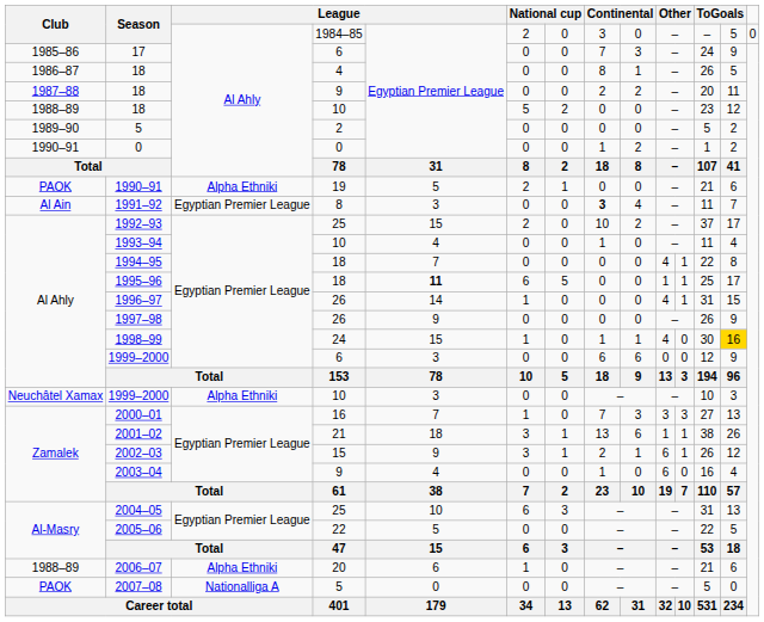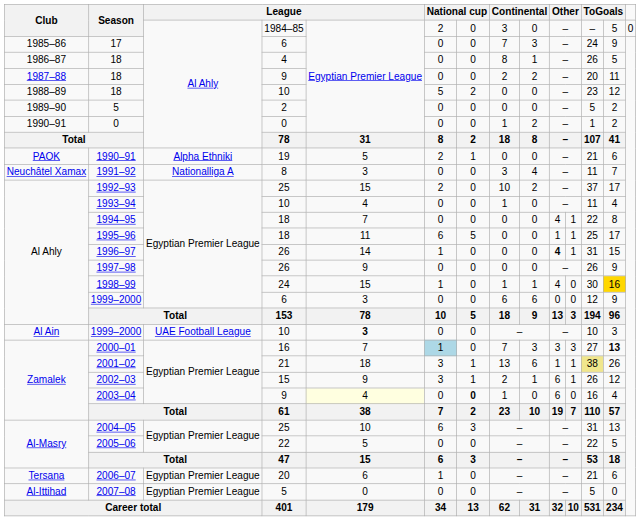 <table class="wikitable" style="text-align: center;">
 <tr>
 <th rowspan="2">Club</th>
 <th rowspan="2">Season</th>
 <th colspan="3">League</th>
 <th colspan="2">National cup</th>
 <th colspan="2">Continental</th>
 <th colspan="2">Other</th>
 <th colspan="2">ToGoals</th>
 </tr>
 <tr>
 <td rowspan="8"><a href='#'>Al Ahly</a></td>
 <td>1984–85</td>
 <td rowspan="7"><a href='#'>Egyptian Premier League</a></td>
 <td>2</td>
 <td>0</td>
 <td>3</td>
 <td>0</td>
 <td colspan="2">–</td>
 <td coan="2">–</td>
 <td>5</td>
 <td>0</td>
 </tr>
 <tr>
 <td>1985–86</td>
 <td>17</td>
 <td>6</td>
 <td>0</td>
 <td>0</td>
 <td>7</td>
 <td>3</td>
 <td colspan="2">–</td>
 <td>24</td>
 <td>9</td>
 </tr>
 <tr>
 <td>1986–87</td>
 <td>18</td>
 <td>4</td>
 <td>0</td>
 <td>0</td>
 <td>8</td>
 <td>1</td>
 <td colspan="2">–</td>
 <td>26</td>
 <td>5</td>
 </tr>
 <tr>
 <td><a href='#'>1987–88</a></td>
 <td>18</td>
 <td>9</td>
 <td>0</td>
 <td>0</td>
 <td>2</td>
 <td>2</td>
 <td colspan="2">–</td>
 <td>20</td>
 <td>11</td>
 </tr>
 <tr>
 <td>1988–89</td>
 <td>18</td>
 <td>10</td>
 <td>5</td>
 <td>2</td>
 <td>0</td>
 <td>0</td>
 <td colspan="2">–</td>
 <td>23</td>
 <td>12</td>
 </tr>
 <tr>
 <td>1989–90</td>
 <td>5</td>
 <td>2</td>
 <td>0</td>
 <td>0</td>
 <td>0</td>
 <td>0</td>
 <td colspan="2">–</td>
 <td>5</td>
 <td>2</td>
 </tr>
 <tr>
 <td>1990–91</td>
 <td>0</td>
 <td>0</td>
 <td>0</td>
 <td>0</td>
 <td>1</td>
 <td>2</td>
 <td colspan="2">–</td>
 <td>1</td>
 <td>2</td>
 </tr>
 <tr>
 <th colspan="2">Total</th>
 <th>78</th>
 <th>31</th>
 <th>8</th>
 <th>2</th>
 <th>18</th>
 <th>8</th>
 <th colspan="2">–</th>
 <th>107</th>
 <th>41</th>
 </tr>
 <tr>
 <td><a href='#'>PAOK</a></td>
 <td><a href='#'>1990–91</a></td>
 <td><a href='#'>Alpha Ethniki</a></td>
 <td>19</td>
 <td>5</td>
 <td>2</td>
 <td>1</td>
 <td>0</td>
 <td>0</td>
 <td colspan="2">–</td>
 <td>21</td>
 <td>6</td>
 </tr>
 <tr>
-<td><a href='#'>Al Ain</a></td>
+<td><a href='#'>Neuchâtel Xamax</a></td>
 <td><a href='#'>1991–92</a></td>
-<td>Egyptian Premier League</td>
+<td><a href='#'>Nationalliga A</a></td>
 <td>8</td>
 <td>3</td>
 <td>0</td>
 <td>0</td>
-<td><strong>3</strong></td>
+<td>3</td>
 <td>4</td>
 <td colspan="2">–</td>
 <td>11</td>
 <td>7</td>
 </tr>
 <tr>
 <td rowspan="9">Al Ahly</td>
 <td><a href='#'>1992–93</a></td>
 <td rowspan="8">Egyptian Premier League</td>
 <td>25</td>
 <td>15</td>
 <td>2</td>
 <td>0</td>
 <td>10</td>
 <td>2</td>
 <td colspan="2">–</td>
 <td>37</td>
 <td>17</td>
 </tr>
 <tr>
 <td><a href='#'>1993–94</a></td>
 <td>10</td>
 <td>4</td>
 <td>0</td>
 <td>0</td>
 <td>1</td>
 <td>0</td>
 <td colspan="2">–</td>
 <td>11</td>
 <td>4</td>
 </tr>
 <tr>
 <td><a href='#'>1994–95</a></td>
 <td>18</td>
 <td>7</td>
 <td>0</td>
 <td>0</td>
 <td>0</td>
 <td>0</td>
 <td>4</td>
 <td>1</td>
 <td>22</td>
 <td>8</td>
 </tr>
 <tr>
 <td><a href='#'>1995–96</a></td>
 <td>18</td>
-<td><strong>11</strong></td>
+<td>11</td>
 <td>6</td>
 <td>5</td>
 <td>0</td>
 <td>0</td>
 <td>1</td>
 <td>1</td>
 <td>25</td>
 <td>17</td>
 </tr>
 <tr>
 <td><a href='#'>1996–97</a></td>
 <td>26</td>
 <td>14</td>
 <td>1</td>
 <td>0</td>
 <td>0</td>
 <td>0</td>
-<td>4</td>
+<td><strong>4</strong></td>
 <td>1</td>
 <td>31</td>
 <td>15</td>
 </tr>
 <tr>
 <td><a href='#'>1997–98</a></td>
 <td>26</td>
 <td>9</td>
 <td>0</td>
 <td>0</td>
 <td>0</td>
 <td>0</td>
 <td colspan="2">–</td>
 <td>26</td>
 <td>9</td>
 </tr>
 <tr>
 <td><a href='#'>1998–99</a></td>
 <td>24</td>
 <td>15</td>
 <td>1</td>
 <td>0</td>
 <td>1</td>
 <td>1</td>
 <td>4</td>
 <td>0</td>
 <td>30</td>
 <td style="background: gold;">16</td>
 </tr>
 <tr>
 <td><a href='#'>1999–2000</a></td>
 <td>6</td>
 <td>3</td>
 <td>0</td>
 <td>0</td>
 <td>6</td>
 <td>6</td>
 <td>0</td>
 <td>0</td>
 <td>12</td>
 <td>9</td>
 </tr>
 <tr>
 <th colspan="2">Total</th>
 <th>153</th>
 <th>78</th>
 <th>10</th>
 <th>5</th>
 <th>18</th>
 <th>9</th>
 <th>13</th>
 <th>3</th>
 <th>194</th>
 <th>96</th>
 </tr>
 <tr>
-<td><a href='#'>Neuchâtel Xamax</a></td>
+<td><a href='#'>Al Ain</a></td>
 <td><a href='#'>1999–2000</a></td>
-<td><a href='#'>Alpha Ethniki</a></td>
+<td><a href='#'>UAE Football League</a></td>
 <td>10</td>
-<td>3</td>
+<td><strong>3</strong></td>
 <td>0</td>
 <td>0</td>
 <td colspan="2">–</td>
 <td colspan="2">–</td>
 <td>10</td>
 <td>3</td>
 </tr>
 <tr>
 <td rowspan="5"><a href='#'>Zamalek</a></td>
 <td><a href='#'>2000–01</a></td>
 <td rowspan="4">Egyptian Premier League</td>
 <td>16</td>
 <td>7</td>
-<td>1</td>
+<td style="background: lightblue;">1</td>
 <td>0</td>
 <td>7</td>
 <td>3</td>
 <td>3</td>
 <td>3</td>
 <td>27</td>
-<td>13</td>
+<td><strong>13</strong></td>
 </tr>
 <tr>
 <td><a href='#'>2001–02</a></td>
 <td>21</td>
 <td>18</td>
 <td>3</td>
 <td>1</td>
 <td>13</td>
 <td>6</td>
 <td>1</td>
 <td>1</td>
-<td>38</td>
+<td style="background: khaki;">38</td>
 <td>26</td>
 </tr>
 <tr>
 <td><a href='#'>2002–03</a></td>
 <td>15</td>
 <td>9</td>
 <td>3</td>
 <td>1</td>
 <td>2</td>
 <td>1</td>
 <td>6</td>
 <td>1</td>
 <td>26</td>
 <td>12</td>
 </tr>
 <tr>
 <td><a href='#'>2003–04</a></td>
 <td>9</td>
-<td>4</td>
+<td style="background: lightyellow;">4</td>
 <td>0</td>
-<td>0</td>
+<td><strong>0</strong></td>
 <td>1</td>
 <td>0</td>
 <td>6</td>
 <td>0</td>
 <td>16</td>
 <td>4</td>
 </tr>
 <tr>
 <th colspan="2">Total</th>
 <th>61</th>
 <th>38</th>
 <th>7</th>
 <th>2</th>
 <th>23</th>
 <th>10</th>
 <th>19</th>
 <th>7</th>
 <th>110</th>
 <th>57</th>
 </tr>
 <tr>
 <td rowspan="3"><a href='#'>Al-Masry</a></td>
 <td><a href='#'>2004–05</a></td>
 <td rowspan="2">Egyptian Premier League</td>
 <td>25</td>
 <td>10</td>
 <td>6</td>
 <td>3</td>
 <td colspan="2">–</td>
 <td colspan="2">–</td>
 <td>31</td>
 <td>13</td>
 </tr>
 <tr>
 <td><a href='#'>2005–06</a></td>
 <td>22</td>
 <td>5</td>
 <td>0</td>
 <td>0</td>
 <td colspan="2">–</td>
 <td colspan="2">–</td>
 <td>22</td>
 <td>5</td>
 </tr>
 <tr>
 <th colspan="2">Total</th>
 <th>47</th>
 <th>15</th>
 <th>6</th>
 <th>3</th>
 <th colspan="2">–</th>
 <th colspan="2">–</th>
 <th>53</th>
 <th>18</th>
 </tr>
 <tr>
-<td>1988–89</td>
+<td><a href='#'>Tersana</a></td>
 <td><a href='#'>2006–07</a></td>
-<td><a href='#'>Alpha Ethniki</a></td>
+<td>Egyptian Premier League</td>
 <td>20</td>
 <td>6</td>
 <td>1</td>
 <td>0</td>
 <td colspan="2">–</td>
 <td colspan="2">–</td>
 <td>21</td>
 <td>6</td>
 </tr>
 <tr>
-<td><a href='#'>PAOK</a></td>
+<td><a href='#'>Al-Ittihad</a></td>
 <td><a href='#'>2007–08</a></td>
-<td><a href='#'>Nationalliga A</a></td>
+<td>Egyptian Premier League</td>
 <td>5</td>
 <td>0</td>
 <td>0</td>
 <td>0</td>
 <td colspan="2">–</td>
 <td colspan="2">–</td>
 <td>5</td>
 <td>0</td>
 </tr>
 <tr>
 <th colspan="3">Career total</th>
 <th>401</th>
 <th>179</th>
 <th>34</th>
 <th>13</th>
 <th>62</th>
 <th>31</th>
 <th>32</th>
 <th>10</th>
 <th>531</th>
 <th>234</th>
 </tr>
 </table>
